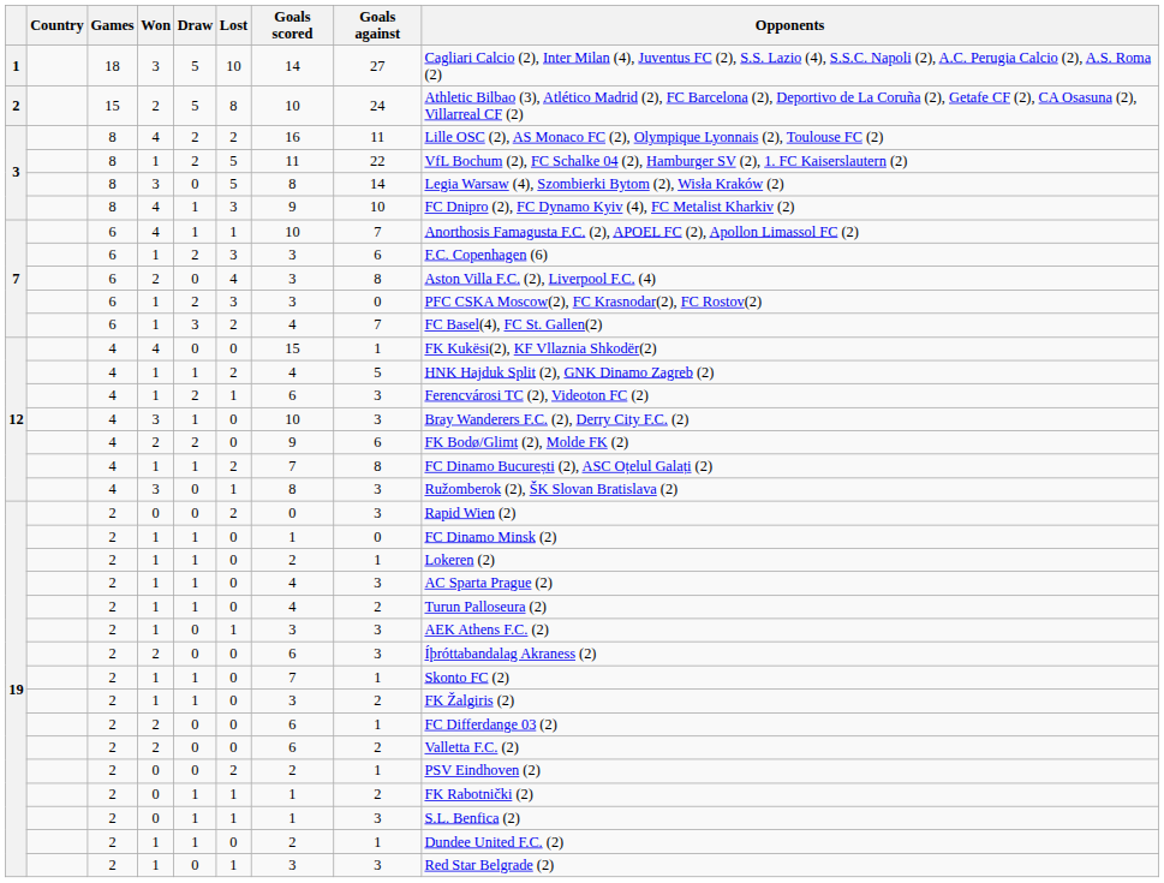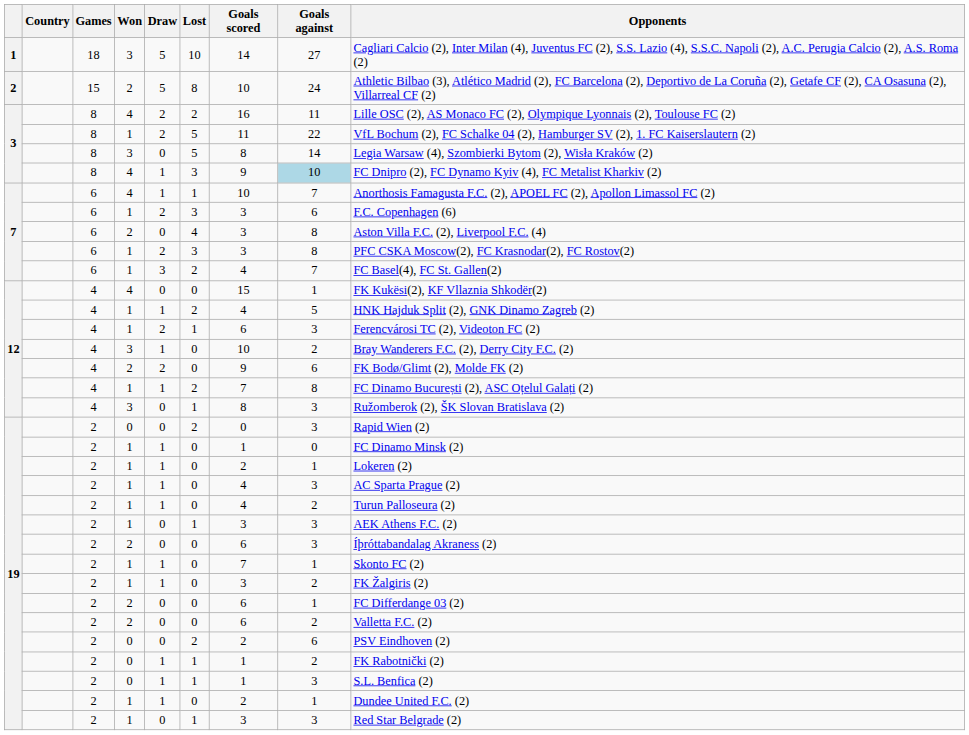 <table class="wikitable sortable" style="text-align: center">
 <tr>
 <th></th>
 <th>Country</th>
 <th>Games</th>
 <th>Won</th>
 <th>Draw</th>
 <th>Lost</th>
 <th>Goals scored</th>
 <th>Goals against</th>
 <th>Opponents</th>
 </tr>
 <tr>
 <th>1</th>
 <td align=left></td>
 <td>18</td>
 <td>3</td>
 <td>5</td>
 <td>10</td>
 <td>14</td>
 <td>27</td>
 <td align=left><a href='#'>Cagliari Calcio</a> (2), <a href='#'>Inter Milan</a> (4), <a href='#'>Juventus FC</a> (2), <a href='#'>S.S. Lazio</a> (4), <a href='#'>S.S.C. Napoli</a> (2), <a href='#'>A.C. Perugia Calcio</a> (2), <a href='#'>A.S. Roma</a> (2)</td>
 </tr>
 <tr>
 <th>2</th>
 <td align=left></td>
 <td>15</td>
 <td>2</td>
 <td>5</td>
 <td>8</td>
 <td>10</td>
 <td>24</td>
 <td align=left><a href='#'>Athletic Bilbao</a> (3), <a href='#'>Atlético Madrid</a> (2), <a href='#'>FC Barcelona</a> (2), <a href='#'>Deportivo de La Coruña</a> (2), <a href='#'>Getafe CF</a> (2), <a href='#'>CA Osasuna</a> (2), <a href='#'>Villarreal CF</a> (2)</td>
 </tr>
 <tr>
 <th rowspan="4">3</th>
 <td align=left></td>
 <td>8</td>
 <td>4</td>
 <td>2</td>
 <td>2</td>
 <td>16</td>
 <td>11</td>
 <td align=left><a href='#'>Lille OSC</a> (2), <a href='#'>AS Monaco FC</a> (2), <a href='#'>Olympique Lyonnais</a> (2), <a href='#'>Toulouse FC</a> (2)</td>
 </tr>
 <tr>
 <td align=left></td>
 <td>8</td>
 <td>1</td>
 <td>2</td>
 <td>5</td>
 <td>11</td>
 <td>22</td>
 <td align=left><a href='#'>VfL Bochum</a> (2), <a href='#'>FC Schalke 04</a> (2), <a href='#'>Hamburger SV</a> (2), <a href='#'>1. FC Kaiserslautern</a> (2)</td>
 </tr>
 <tr>
 <td align=left></td>
 <td>8</td>
 <td>3</td>
 <td>0</td>
 <td>5</td>
 <td>8</td>
 <td>14</td>
 <td align=left><a href='#'>Legia Warsaw</a> (4), <a href='#'>Szombierki Bytom</a> (2), <a href='#'>Wisła Kraków</a> (2)</td>
 </tr>
 <tr>
 <td align=left></td>
 <td>8</td>
 <td>4</td>
 <td>1</td>
 <td>3</td>
 <td>9</td>
-<td>10</td>
+<td style="background: lightblue;">10</td>
 <td align=left><a href='#'>FC Dnipro</a> (2), <a href='#'>FC Dynamo Kyiv</a> (4), <a href='#'>FC Metalist Kharkiv</a> (2)</td>
 </tr>
 <tr>
 <th rowspan="5">7</th>
 <td align=left></td>
 <td>6</td>
 <td>4</td>
 <td>1</td>
 <td>1</td>
 <td>10</td>
 <td>7</td>
 <td align=left><a href='#'>Anorthosis Famagusta F.C.</a> (2), <a href='#'>APOEL FC</a> (2), <a href='#'>Apollon Limassol FC</a> (2)</td>
 </tr>
 <tr>
 <td align=left></td>
 <td>6</td>
 <td>1</td>
 <td>2</td>
 <td>3</td>
 <td>3</td>
 <td>6</td>
 <td align=left><a href='#'>F.C. Copenhagen</a> (6)</td>
 </tr>
 <tr>
 <td align=left></td>
 <td>6</td>
 <td>2</td>
 <td>0</td>
 <td>4</td>
 <td>3</td>
 <td>8</td>
 <td align=left><a href='#'>Aston Villa F.C.</a> (2), <a href='#'>Liverpool F.C.</a> (4)</td>
 </tr>
 <tr>
 <td align=left></td>
 <td>6</td>
 <td>1</td>
 <td>2</td>
 <td>3</td>
 <td>3</td>
-<td>0</td>
+<td>8</td>
 <td align=left><a href='#'>PFC CSKA Moscow</a>(2), <a href='#'>FC Krasnodar</a>(2), <a href='#'>FC Rostov</a>(2)</td>
 </tr>
 <tr>
 <td align=left></td>
 <td>6</td>
 <td>1</td>
 <td>3</td>
 <td>2</td>
 <td>4</td>
 <td>7</td>
 <td align=left><a href='#'>FC Basel</a>(4), <a href='#'>FC St. Gallen</a>(2)</td>
 </tr>
 <tr>
 <th rowspan="7">12</th>
 <td align=left></td>
 <td>4</td>
 <td>4</td>
 <td>0</td>
 <td>0</td>
 <td>15</td>
 <td>1</td>
 <td align=left><a href='#'>FK Kukësi</a>(2), <a href='#'>KF Vllaznia Shkodër</a>(2)</td>
 </tr>
 <tr>
 <td align=left></td>
 <td>4</td>
 <td>1</td>
 <td>1</td>
 <td>2</td>
 <td>4</td>
 <td>5</td>
 <td align=left><a href='#'>HNK Hajduk Split</a> (2), <a href='#'>GNK Dinamo Zagreb</a> (2)</td>
 </tr>
 <tr>
 <td align=left></td>
 <td>4</td>
 <td>1</td>
 <td>2</td>
 <td>1</td>
 <td>6</td>
 <td>3</td>
 <td align=left><a href='#'>Ferencvárosi TC</a> (2), <a href='#'>Videoton FC</a> (2)</td>
 </tr>
 <tr>
 <td align=left></td>
 <td>4</td>
 <td>3</td>
 <td>1</td>
 <td>0</td>
 <td>10</td>
-<td>3</td>
+<td>2</td>
 <td align=left><a href='#'>Bray Wanderers F.C.</a> (2), <a href='#'>Derry City F.C.</a> (2)</td>
 </tr>
 <tr>
 <td align=left></td>
 <td>4</td>
 <td>2</td>
 <td>2</td>
 <td>0</td>
 <td>9</td>
 <td>6</td>
 <td align=left><a href='#'>FK Bodø/Glimt</a> (2), <a href='#'>Molde FK</a> (2)</td>
 </tr>
 <tr>
 <td align=left></td>
 <td>4</td>
 <td>1</td>
 <td>1</td>
 <td>2</td>
 <td>7</td>
 <td>8</td>
 <td align=left><a href='#'>FC Dinamo București</a> (2), <a href='#'>ASC Oțelul Galați</a> (2)</td>
 </tr>
 <tr>
 <td align=left></td>
 <td>4</td>
 <td>3</td>
 <td>0</td>
 <td>1</td>
 <td>8</td>
 <td>3</td>
 <td align=left><a href='#'>Ružomberok</a> (2), <a href='#'>ŠK Slovan Bratislava</a> (2)</td>
 </tr>
 <tr>
 <th rowspan="16">19</th>
 <td align=left></td>
 <td>2</td>
 <td>0</td>
 <td>0</td>
 <td>2</td>
 <td>0</td>
 <td>3</td>
 <td align=left><a href='#'>Rapid Wien</a> (2)</td>
 </tr>
 <tr>
 <td align=left></td>
 <td>2</td>
 <td>1</td>
 <td>1</td>
 <td>0</td>
 <td>1</td>
 <td>0</td>
 <td align=left><a href='#'>FC Dinamo Minsk</a> (2)</td>
 </tr>
 <tr>
 <td align=left></td>
 <td>2</td>
 <td>1</td>
 <td>1</td>
 <td>0</td>
 <td>2</td>
 <td>1</td>
 <td align=left><a href='#'>Lokeren</a> (2)</td>
 </tr>
 <tr>
 <td align=left></td>
 <td>2</td>
 <td>1</td>
 <td>1</td>
 <td>0</td>
 <td>4</td>
 <td>3</td>
 <td align=left><a href='#'>AC Sparta Prague</a> (2)</td>
 </tr>
 <tr>
 <td align=left></td>
 <td>2</td>
 <td>1</td>
 <td>1</td>
 <td>0</td>
 <td>4</td>
 <td>2</td>
 <td align=left><a href='#'>Turun Palloseura</a> (2)</td>
 </tr>
 <tr>
 <td align=left></td>
 <td>2</td>
 <td>1</td>
 <td>0</td>
 <td>1</td>
 <td>3</td>
 <td>3</td>
 <td align=left><a href='#'>AEK Athens F.C.</a> (2)</td>
 </tr>
 <tr>
 <td align=left></td>
 <td>2</td>
 <td>2</td>
 <td>0</td>
 <td>0</td>
 <td>6</td>
 <td>3</td>
 <td align=left><a href='#'>Íþróttabandalag Akraness</a> (2)</td>
 </tr>
 <tr>
 <td align=left></td>
 <td>2</td>
 <td>1</td>
 <td>1</td>
 <td>0</td>
 <td>7</td>
 <td>1</td>
 <td align=left><a href='#'>Skonto FC</a> (2)</td>
 </tr>
 <tr>
 <td align=left></td>
 <td>2</td>
 <td>1</td>
 <td>1</td>
 <td>0</td>
 <td>3</td>
 <td>2</td>
 <td align=left><a href='#'>FK Žalgiris</a> (2)</td>
 </tr>
 <tr>
 <td align=left></td>
 <td>2</td>
 <td>2</td>
 <td>0</td>
 <td>0</td>
 <td>6</td>
 <td>1</td>
 <td align=left><a href='#'>FC Differdange 03</a> (2)</td>
 </tr>
 <tr>
 <td align=left></td>
 <td>2</td>
 <td>2</td>
 <td>0</td>
 <td>0</td>
 <td>6</td>
 <td>2</td>
 <td align=left><a href='#'>Valletta F.C.</a> (2)</td>
 </tr>
 <tr>
 <td align=left></td>
 <td>2</td>
 <td>0</td>
 <td>0</td>
 <td>2</td>
 <td>2</td>
-<td>1</td>
+<td>6</td>
 <td align=left><a href='#'>PSV Eindhoven</a> (2)</td>
 </tr>
 <tr>
 <td align=left></td>
 <td>2</td>
 <td>0</td>
 <td>1</td>
 <td>1</td>
 <td>1</td>
 <td>2</td>
 <td align=left><a href='#'>FK Rabotnički</a> (2)</td>
 </tr>
 <tr>
 <td align=left></td>
 <td>2</td>
 <td>0</td>
 <td>1</td>
 <td>1</td>
 <td>1</td>
 <td>3</td>
 <td align=left><a href='#'>S.L. Benfica</a> (2)</td>
 </tr>
 <tr>
 <td align=left></td>
 <td>2</td>
 <td>1</td>
 <td>1</td>
 <td>0</td>
 <td>2</td>
 <td>1</td>
 <td align=left><a href='#'>Dundee United F.C.</a> (2)</td>
 </tr>
 <tr>
 <td align=left></td>
 <td>2</td>
 <td>1</td>
 <td>0</td>
 <td>1</td>
 <td>3</td>
 <td>3</td>
 <td align=left><a href='#'>Red Star Belgrade</a> (2)</td>
 </tr>
 </table>
